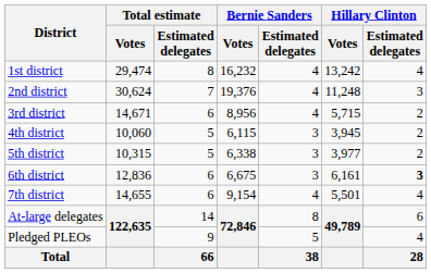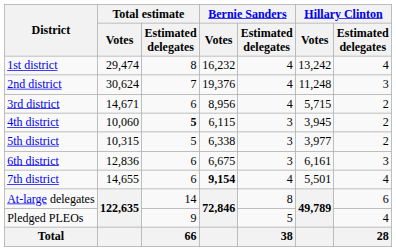 <table class=wikitable style="text-align:right">
 <tr>
 <th rowspan=2>District</th>
 <th colspan=2>Total estimate</th>
 <th colspan=2><a href='#'>Bernie Sanders</a></th>
 <th colspan=2><a href='#'>Hillary Clinton</a></th>
 </tr>
 <tr>
 <th>Votes</th>
 <th>Estimated<br>delegates</th>
 <th>Votes</th>
 <th>Estimated<br>delegates</th>
 <th>Votes</th>
 <th>Estimated<br>delegates</th>
 </tr>
 <tr>
 <td style="text-align:left"><a href='#'>1st district</a></td>
 <td>29,474</td>
 <td>8</td>
 <td>16,232</td>
 <td>4</td>
 <td>13,242</td>
 <td>4</td>
 </tr>
 <tr>
 <td style="text-align:left"><a href='#'>2nd district</a></td>
 <td>30,624</td>
 <td>7</td>
 <td>19,376</td>
 <td>4</td>
 <td>11,248</td>
 <td>3</td>
 </tr>
 <tr>
 <td style="text-align:left"><a href='#'>3rd district</a></td>
 <td>14,671</td>
 <td>6</td>
 <td>8,956</td>
 <td>4</td>
 <td>5,715</td>
 <td>2</td>
 </tr>
 <tr>
 <td style="text-align:left"><a href='#'>4th district</a></td>
 <td>10,060</td>
-<td>5</td>
+<td><strong>5</strong></td>
 <td>6,115</td>
 <td>3</td>
 <td>3,945</td>
 <td>2</td>
 </tr>
 <tr>
 <td style="text-align:left"><a href='#'>5th district</a></td>
 <td>10,315</td>
 <td>5</td>
 <td>6,338</td>
 <td>3</td>
 <td>3,977</td>
 <td>2</td>
 </tr>
 <tr>
 <td style="text-align:left"><a href='#'>6th district</a></td>
 <td>12,836</td>
 <td>6</td>
 <td>6,675</td>
 <td>3</td>
 <td>6,161</td>
-<td><strong>3</strong></td>
+<td>3</td>
 </tr>
 <tr>
 <td style="text-align:left"><a href='#'>7th district</a></td>
 <td>14,655</td>
 <td>6</td>
-<td>9,154</td>
+<td><strong>9,154</strong></td>
 <td>4</td>
 <td>5,501</td>
 <td>4</td>
 </tr>
 <tr>
 <td style="text-align:left"><a href='#'>At-large</a> delegates</td>
 <th rowspan=2 style="text-align:right">122,635</th>
 <td>14</td>
 <th rowspan=2 style="text-align:right">72,846</th>
 <td>8</td>
 <th rowspan=2 style="text-align:right">49,789</th>
 <td>6</td>
 </tr>
 <tr>
 <td style="text-align:left">Pledged PLEOs</td>
 <td>9</td>
 <td>5</td>
 <td>4</td>
 </tr>
 <tr>
 <th>Total</th>
 <th></th>
 <th style="text-align:right">66</th>
 <th></th>
 <th style="text-align:right">38</th>
 <th></th>
 <th style="text-align:right">28</th>
 </tr>
 </table>
